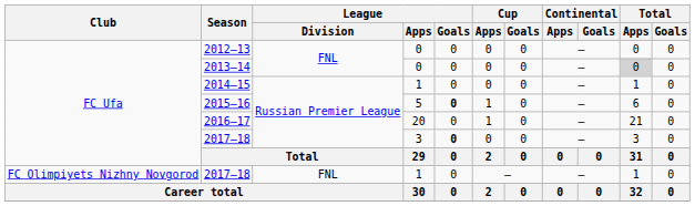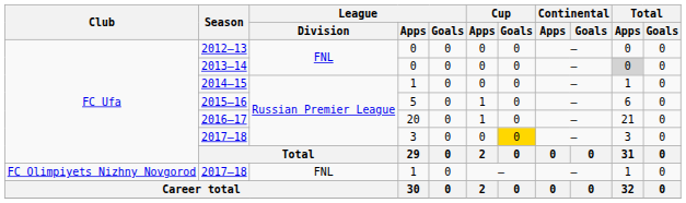 <table class="wikitable" style="text-align: center;">
 <tr>
 <th rowspan=2>Club</th>
 <th rowspan=2>Season</th>
 <th colspan=3>League</th>
 <th colspan=2>Cup</th>
 <th colspan=2>Continental</th>
 <th colspan=2>Total</th>
 </tr>
 <tr>
 <th>Division</th>
 <th>Apps</th>
 <th>Goals</th>
 <th>Apps</th>
 <th>Goals</th>
 <th>Apps</th>
 <th>Goals</th>
 <th>Apps</th>
 <th>Goals</th>
 </tr>
 <tr>
 <td rowspan=7><a href='#'>FC Ufa</a></td>
 <td><a href='#'>2012–13</a></td>
 <td rowspan=2><a href='#'>FNL</a></td>
 <td>0</td>
 <td>0</td>
 <td>0</td>
 <td>0</td>
 <td colspan=2>–</td>
 <td>0</td>
 <td>0</td>
 </tr>
 <tr>
 <td><a href='#'>2013–14</a></td>
 <td>0</td>
 <td>0</td>
 <td>0</td>
 <td>0</td>
 <td colspan=2>–</td>
 <td style="background: lightgrey;">0</td>
 <td>0</td>
 </tr>
 <tr>
 <td><a href='#'>2014–15</a></td>
 <td rowspan=4><a href='#'>Russian Premier League</a></td>
 <td>1</td>
 <td>0</td>
 <td>0</td>
 <td>0</td>
 <td colspan=2>–</td>
 <td>1</td>
 <td>0</td>
 </tr>
 <tr>
 <td><a href='#'>2015–16</a></td>
 <td>5</td>
-<td><strong>0</strong></td>
+<td>0</td>
 <td>1</td>
 <td>0</td>
 <td colspan=2>–</td>
 <td>6</td>
 <td>0</td>
 </tr>
 <tr>
 <td><a href='#'>2016–17</a></td>
 <td>20</td>
 <td>0</td>
 <td>1</td>
 <td>0</td>
 <td colspan=2>–</td>
 <td>21</td>
 <td>0</td>
 </tr>
 <tr>
 <td><a href='#'>2017–18</a></td>
 <td>3</td>
-<td><strong>0</strong></td>
 <td>0</td>
 <td>0</td>
+<td style="background: gold;">0</td>
 <td colspan=2>–</td>
 <td>3</td>
 <td>0</td>
 </tr>
 <tr>
 <th colspan=2>Total</th>
 <th>29</th>
 <th>0</th>
 <th>2</th>
 <th>0</th>
 <th>0</th>
 <th>0</th>
 <th>31</th>
 <th>0</th>
 </tr>
 <tr>
 <td><a href='#'>FC Olimpiyets Nizhny Novgorod</a></td>
 <td><a href='#'>2017–18</a></td>
 <td>FNL</td>
 <td>1</td>
 <td>0</td>
 <td colspan=2>–</td>
 <td colspan=2>–</td>
 <td>1</td>
 <td>0</td>
 </tr>
 <tr>
 <th colspan=3>Career total</th>
 <th>30</th>
 <th>0</th>
 <th>2</th>
 <th>0</th>
 <th>0</th>
 <th>0</th>
 <th>32</th>
 <th>0</th>
 </tr>
 <tr>
 </tr>
 </table>
